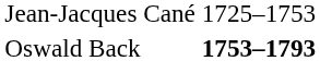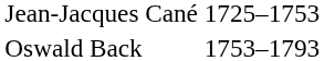 <table>
 <tr>
 <td>Jean-Jacques Cané</td>
 <td>1725–1753</td>
 </tr>
 <tr>
 <td>Oswald Back</td>
-<td><strong>1753–1793</strong></td>
+<td>1753–1793</td>
 </tr>
 </table>
